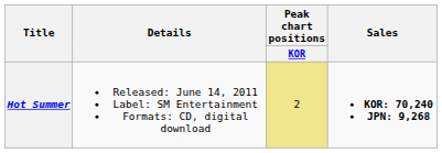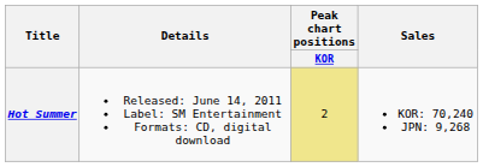 <table class="wikitable plainrowheaders" style="text-align:center">
 <tr>
 <th rowspan="2">Title</th>
 <th rowspan="2" style="width:18em">Details</th>
 <th colspan="1">Peak chart positions</th>
 <th rowspan="2" style="width:10em">Sales</th>
 </tr>
 <tr>
 <th scope="col" style="width:2.8em;font-size:90%"><a href='#'>KOR</a><br></th>
 </tr>
 <tr>
 <th scope="row"><em><a href='#'>Hot Summer</a></em></th>
 <td><br><ul><li>Released: June 14, 2011</li><li>Label: SM Entertainment</li><li>Formats: CD, digital download</li></ul></td>
 <td style="background: khaki;">2</td>
-<td><strong><br><ul><li>KOR: 70,240</li><li>JPN: 9,268</li></ul></strong></td>
+<td><br><ul><li>KOR: 70,240</li><li>JPN: 9,268</li></ul></td>
 </tr>
 </table>
